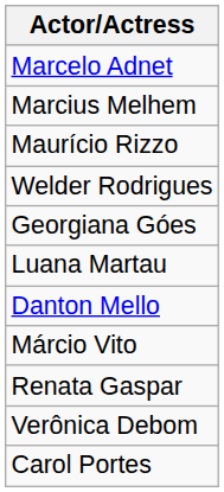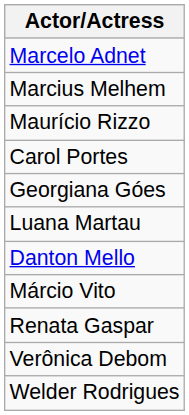 <table class="wikitable">
 <tr style="text-align:center; background:#ccc;">
 <th>Actor/Actress</th>
 </tr>
 <tr>
 <td><a href='#'>Marcelo Adnet</a></td>
 </tr>
 <tr>
 <td>Marcius Melhem</td>
 </tr>
 <tr>
 <td>Maurício Rizzo</td>
 </tr>
 <tr>
-<td>Welder Rodrigues</td>
+<td>Carol Portes</td>
 </tr>
 <tr>
 <td>Georgiana Góes</td>
 </tr>
 <tr>
 <td>Luana Martau</td>
 </tr>
 <tr>
 <td><a href='#'>Danton Mello</a></td>
 </tr>
 <tr>
 <td>Márcio Vito</td>
 </tr>
 <tr>
 <td>Renata Gaspar</td>
 </tr>
 <tr>
 <td>Verônica Debom</td>
 </tr>
 <tr>
-<td>Carol Portes</td>
+<td>Welder Rodrigues</td>
 </tr>
 </table>
